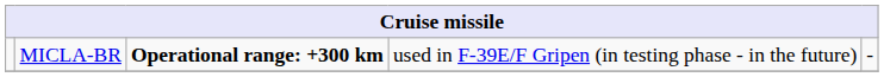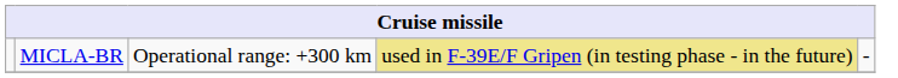 <table class="wikitable">
 <tr>
 <th style="align: center; background: lavender;" colspan="8"><strong>Cruise missile</strong></th>
 </tr>
 <tr>
 <td></td>
 <td><a href='#'>MICLA-BR</a></td>
-<td><strong>Operational range: +300 km</strong></td>
-<td>used in <a href='#'>F-39E/F Gripen</a> (in testing phase - in the future)</td>
+<td>Operational range: +300 km</td>
+<td style="background: khaki;">used in <a href='#'>F-39E/F Gripen</a> (in testing phase - in the future)</td>
 <td>-</td>
 </tr>
 <tr>
 </tr>
 </table>
